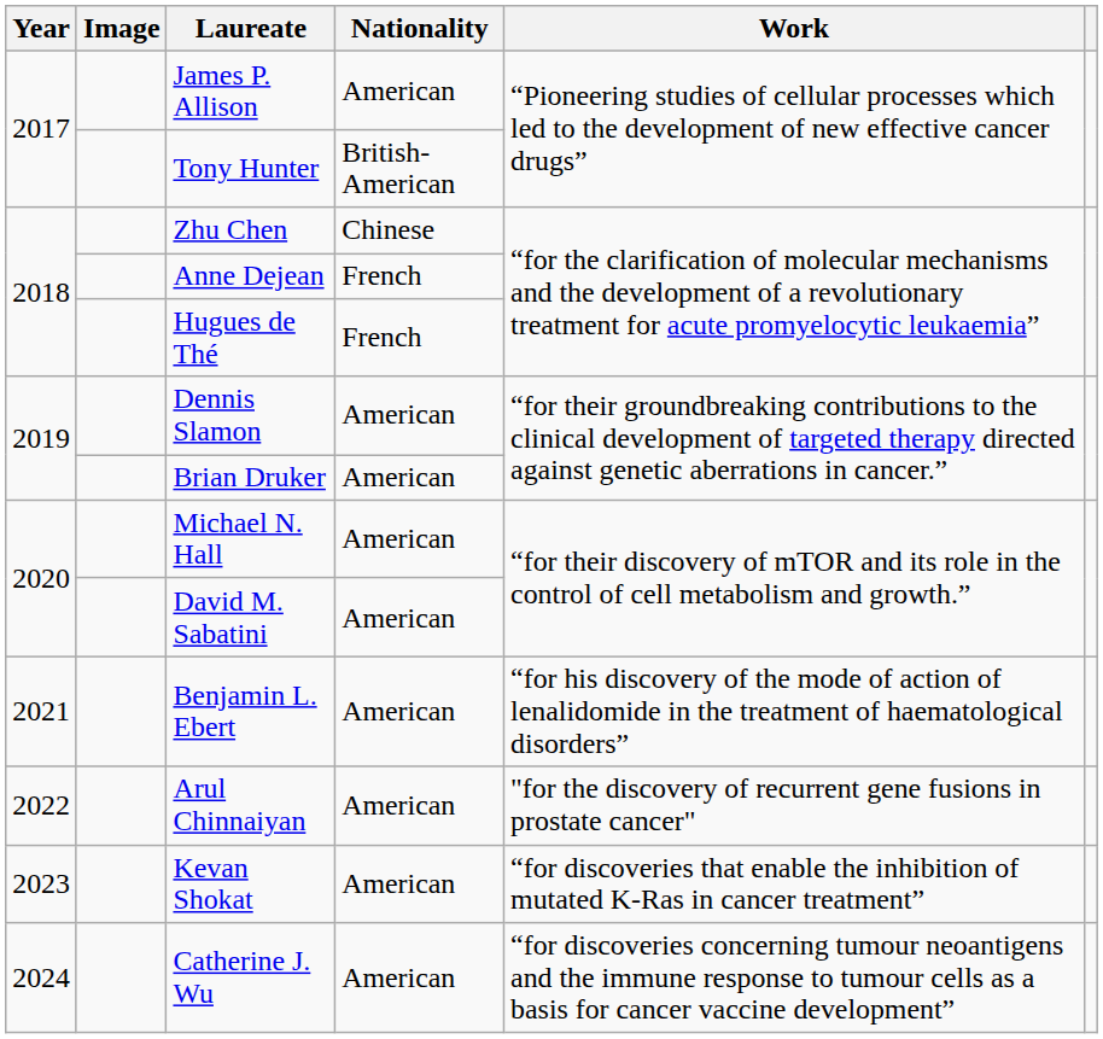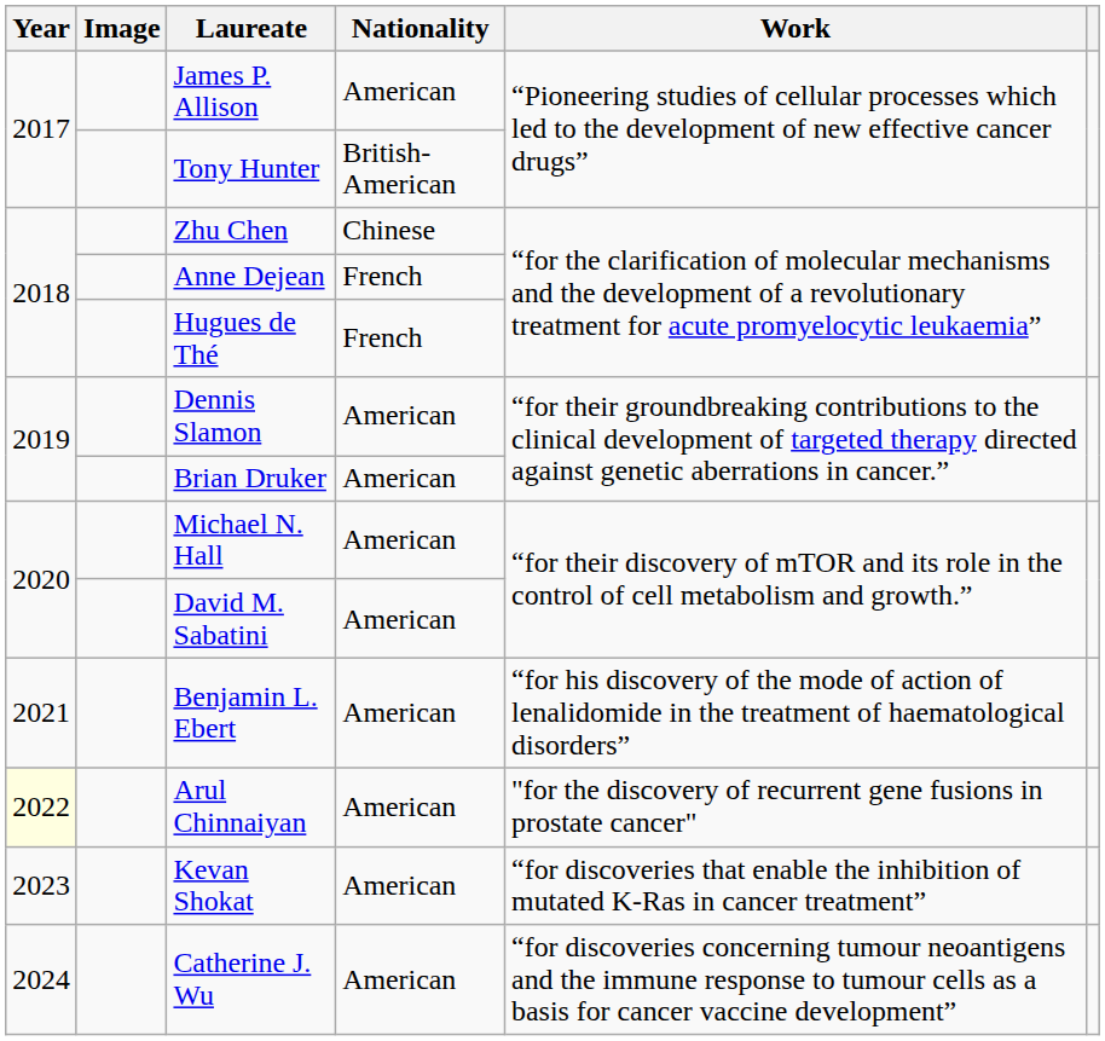 <table class="wikitable">
 <tr>
 <th scope="col">Year</th>
 <th scope="col">Image</th>
 <th scope="col">Laureate</th>
 <th scope="col">Nationality</th>
 <th scope="col">Work</th>
 <th scope="col"></th>
 </tr>
 <tr>
 <td rowspan=2>2017</td>
 <td></td>
 <td><a href='#'>James P. Allison</a></td>
 <td>American</td>
 <td rowspan=2>“Pioneering studies of cellular processes which led to the development of new effective cancer drugs”</td>
 <td rowspan=2 style="text-align: center;"></td>
 </tr>
 <tr>
 <td></td>
 <td><a href='#'>Tony Hunter</a></td>
 <td>British-American</td>
 </tr>
 <tr>
 <td rowspan="3">2018</td>
 <td></td>
 <td><a href='#'>Zhu Chen</a></td>
 <td>Chinese</td>
 <td rowspan="3">“for the clarification of molecular mechanisms and the development of a revolutionary treatment for <a href='#'>acute promyelocytic leukaemia</a>”</td>
 <td rowspan="3"></td>
 </tr>
 <tr>
 <td></td>
 <td><a href='#'>Anne Dejean</a></td>
 <td>French</td>
 </tr>
 <tr>
 <td></td>
 <td><a href='#'>Hugues de Thé</a></td>
 <td>French</td>
 </tr>
 <tr>
 <td rowspan="2">2019</td>
 <td></td>
 <td><a href='#'>Dennis Slamon</a></td>
 <td>American</td>
 <td rowspan="2">“for their groundbreaking contributions to the clinical development of <a href='#'>targeted therapy</a> directed against genetic aberrations in cancer.”</td>
 <td rowspan="2"></td>
 </tr>
 <tr>
 <td></td>
 <td><a href='#'>Brian Druker</a></td>
 <td>American</td>
 </tr>
 <tr>
 <td rowspan="2">2020</td>
 <td></td>
 <td><a href='#'>Michael N. Hall</a></td>
 <td>American</td>
 <td rowspan="2">“for their discovery of mTOR and its role in the control of cell metabolism and growth.”</td>
 <td rowspan="2"></td>
 </tr>
 <tr>
 <td></td>
 <td><a href='#'>David M. Sabatini</a></td>
 <td>American</td>
 </tr>
 <tr>
 <td>2021</td>
 <td></td>
 <td><a href='#'>Benjamin L. Ebert</a></td>
 <td>American</td>
 <td>“for his discovery of the mode of action of lenalidomide in the treatment of haematological disorders”</td>
 <td></td>
 </tr>
 <tr>
-<td>2022</td>
+<td style="background: lightyellow;">2022</td>
 <td></td>
 <td><a href='#'>Arul Chinnaiyan</a></td>
 <td>American</td>
 <td>"for the discovery of recurrent gene fusions in prostate cancer"</td>
 <td></td>
 </tr>
 <tr>
 <td>2023</td>
 <td></td>
 <td><a href='#'>Kevan Shokat</a></td>
 <td>American</td>
 <td>“for discoveries that enable the inhibition of mutated K-Ras in cancer treatment”</td>
 <td></td>
 </tr>
 <tr>
 <td>2024</td>
 <td></td>
 <td><a href='#'>Catherine J. Wu</a></td>
 <td>American</td>
 <td>“for discoveries concerning tumour neoantigens and the immune response to tumour cells as a basis for cancer vaccine development”</td>
 <td></td>
 </tr>
 </table>
